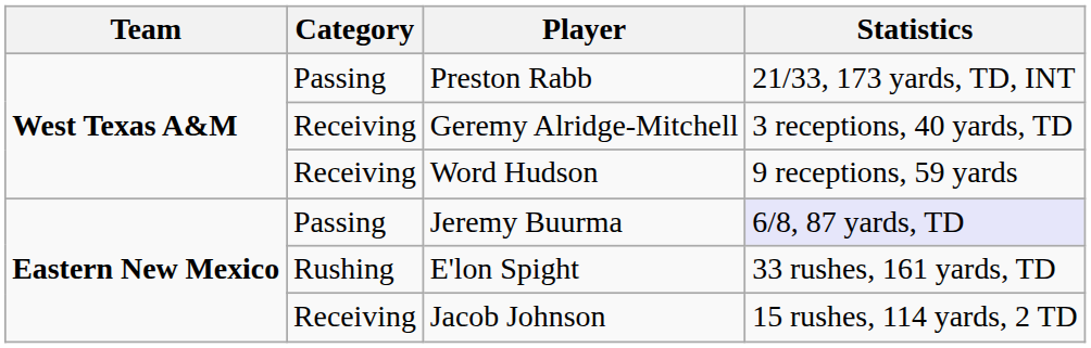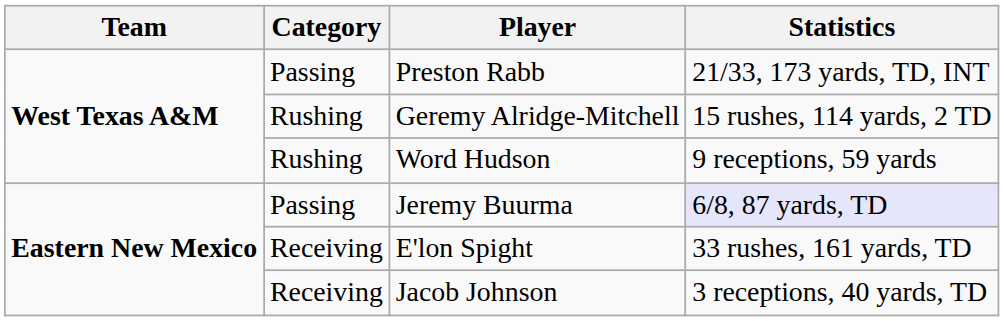 <table class="wikitable" style="float: left;">
 <tr>
 <th>Team</th>
 <th>Category</th>
 <th>Player</th>
 <th>Statistics</th>
 </tr>
 <tr>
 <td rowspan=3><strong>West Texas A&M</strong></td>
 <td>Passing</td>
 <td>Preston Rabb</td>
 <td>21/33, 173 yards, TD, INT</td>
 </tr>
 <tr>
-<td>Receiving</td>
+<td>Rushing</td>
 <td>Geremy Alridge-Mitchell</td>
-<td>3 receptions, 40 yards, TD</td>
+<td>15 rushes, 114 yards, 2 TD</td>
 </tr>
 <tr>
-<td>Receiving</td>
+<td>Rushing</td>
 <td>Word Hudson</td>
 <td>9 receptions, 59 yards</td>
 </tr>
 <tr>
 <td rowspan=3><strong>Eastern New Mexico</strong></td>
 <td>Passing</td>
 <td>Jeremy Buurma</td>
 <td style="background: lavender;">6/8, 87 yards, TD</td>
 </tr>
 <tr>
-<td>Rushing</td>
+<td>Receiving</td>
 <td>E'lon Spight</td>
 <td>33 rushes, 161 yards, TD</td>
 </tr>
 <tr>
 <td>Receiving</td>
 <td>Jacob Johnson</td>
-<td>15 rushes, 114 yards, 2 TD</td>
+<td>3 receptions, 40 yards, TD</td>
 </tr>
 </table>
